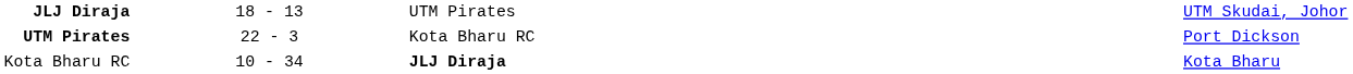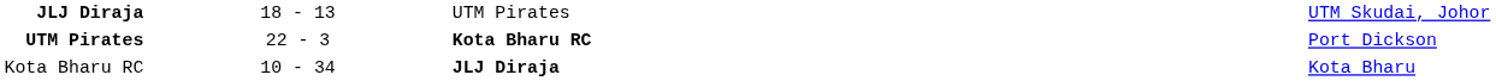 <table width=100% cellspacing=1>
 <tr>
 <th width=25%></th>
 <th width=10%></th>
 <th></th>
 </tr>
 <tr>
 </tr>
 <tr style=font-size:90%>
 <td align=right><strong>JLJ Diraja</strong> </td>
 <td align=center>18 - 13</td>
 <td> UTM Pirates</td>
 <td><a href='#'>UTM Skudai, Johor</a></td>
 </tr>
 <tr>
 </tr>
 <tr style=font-size:90%>
 <td align=right><strong>UTM Pirates</strong> </td>
 <td align=center>22 - 3</td>
-<td> Kota Bharu RC</td>
+<td><strong> Kota Bharu RC</strong></td>
 <td><a href='#'>Port Dickson</a></td>
 </tr>
 <tr>
 </tr>
 <tr style=font-size:90%>
 <td align=right>Kota Bharu RC </td>
 <td align=center>10 - 34</td>
 <td> <strong>JLJ Diraja</strong></td>
 <td><a href='#'>Kota Bharu</a></td>
 </tr>
 </table>
